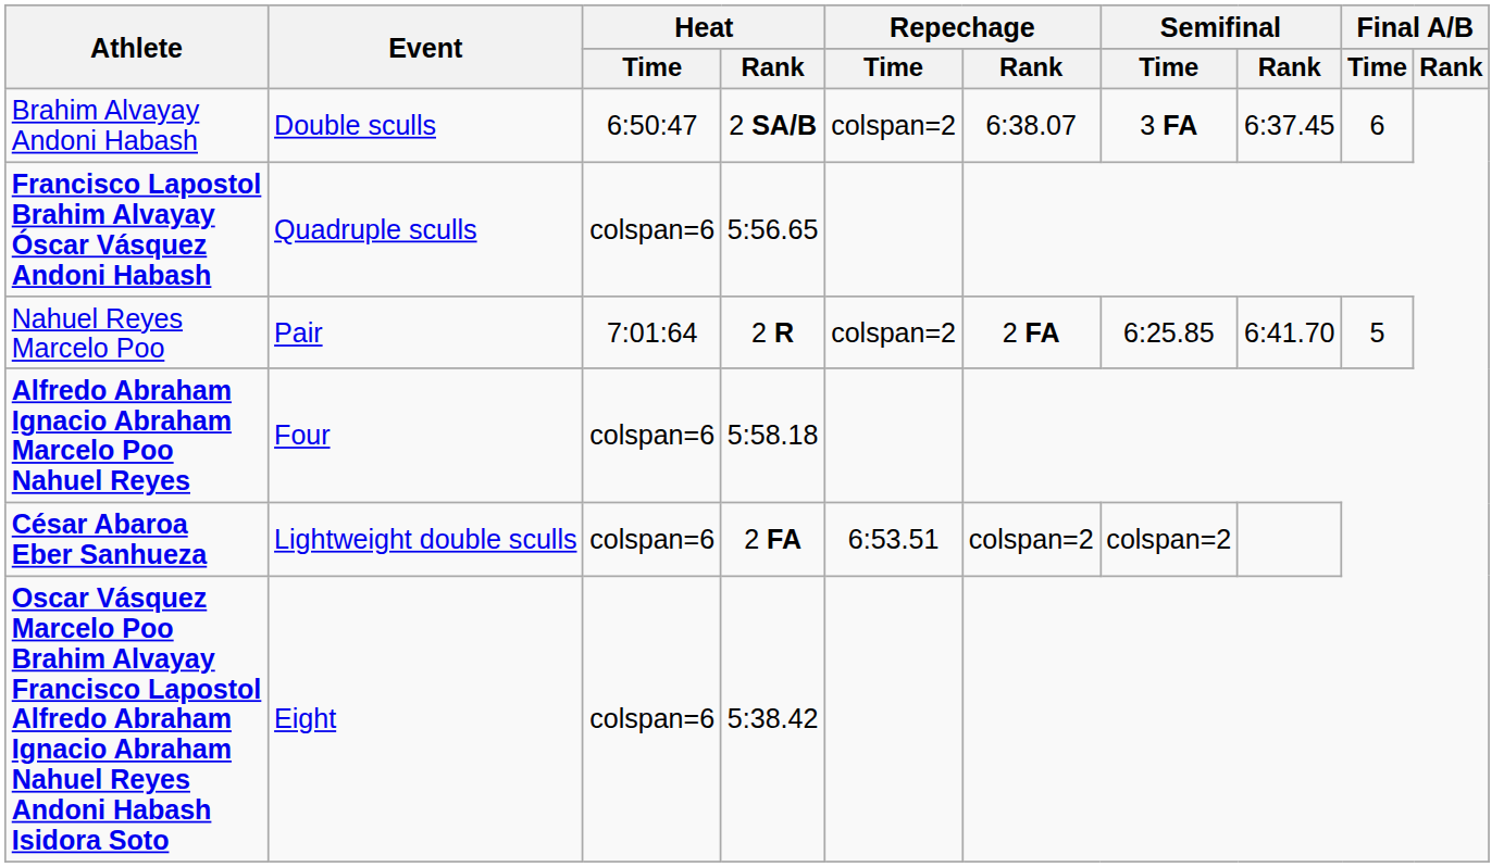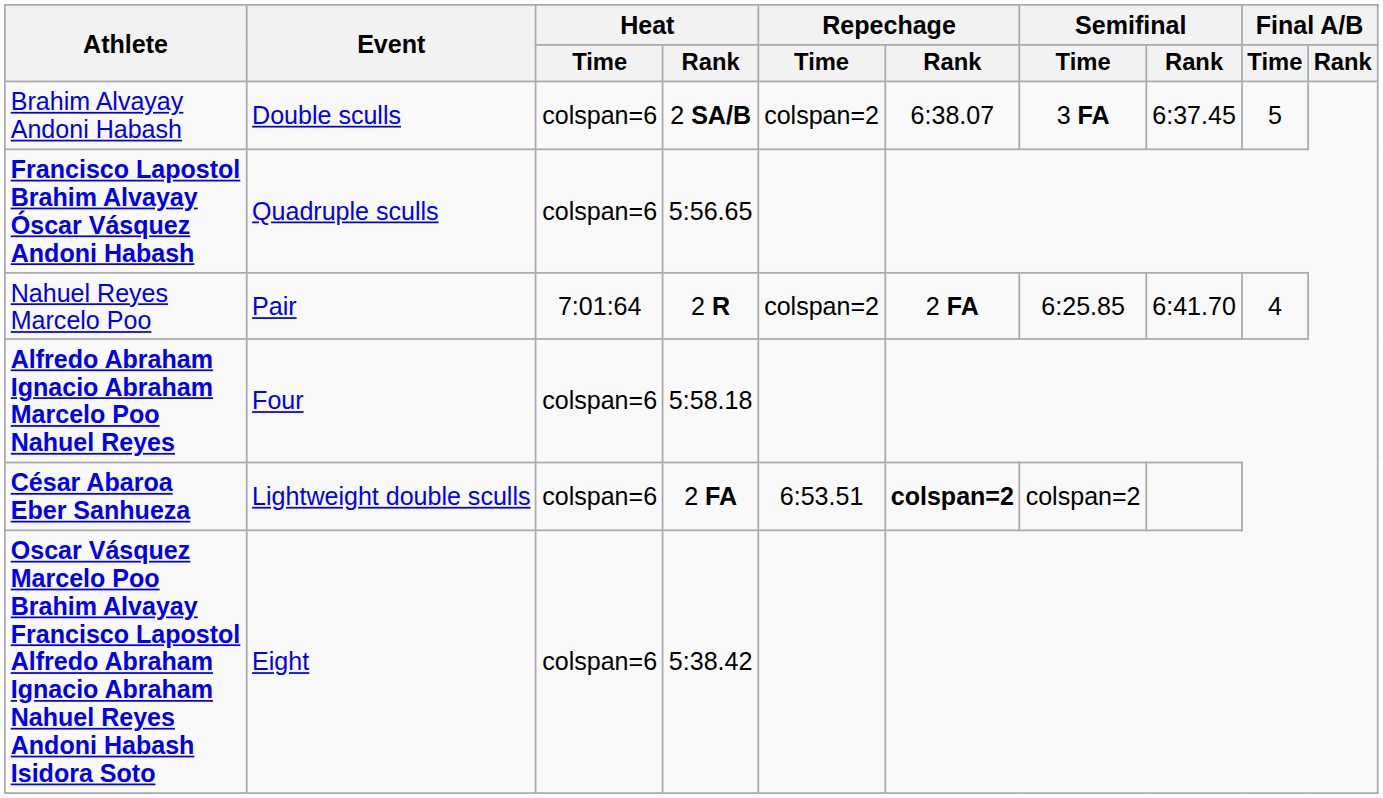 <table class=wikitable style=font-size:90%;text-align:center>
 <tr>
 <th rowspan=2>Athlete</th>
 <th rowspan=2>Event</th>
 <th colspan=2>Heat</th>
 <th colspan=2>Repechage</th>
 <th colspan=2>Semifinal</th>
 <th colspan=2>Final A/B</th>
 </tr>
 <tr style=font-size:95%>
 <th>Time</th>
 <th>Rank</th>
 <th>Time</th>
 <th>Rank</th>
 <th>Time</th>
 <th>Rank</th>
 <th>Time</th>
 <th>Rank</th>
 </tr>
 <tr>
 <td style="text-align:left"><a href='#'>Brahim Alvayay</a><br><a href='#'>Andoni Habash</a></td>
 <td style="text-align:left"><a href='#'>Double sculls</a></td>
-<td>6:50:47</td>
+<td>colspan=6 </td>
 <td>2 <strong>SA/B</strong></td>
 <td>colspan=2 </td>
 <td>6:38.07</td>
 <td>3 <strong>FA</strong></td>
 <td>6:37.45</td>
-<td>6</td>
+<td>5</td>
 </tr>
 <tr>
 <td style="text-align:left"><strong><a href='#'>Francisco Lapostol</a><br><a href='#'>Brahim Alvayay</a><br><a href='#'>Óscar Vásquez</a><br><a href='#'>Andoni Habash</a></strong></td>
 <td style="text-align:left"><a href='#'>Quadruple sculls</a></td>
 <td>colspan=6 </td>
 <td>5:56.65</td>
 <td></td>
 </tr>
 <tr>
 <td style="text-align:left"><a href='#'>Nahuel Reyes</a><br><a href='#'>Marcelo Poo</a></td>
 <td style="text-align:left"><a href='#'>Pair</a></td>
 <td>7:01:64</td>
 <td>2 <strong>R</strong></td>
 <td>colspan=2 </td>
 <td>2 <strong>FA</strong></td>
 <td>6:25.85</td>
 <td>6:41.70</td>
-<td>5</td>
+<td>4</td>
 </tr>
 <tr>
 <td style="text-align:left"><strong><a href='#'>Alfredo Abraham</a><br><a href='#'>Ignacio Abraham</a><br><a href='#'>Marcelo Poo</a><br><a href='#'>Nahuel Reyes</a></strong></td>
 <td style="text-align:left"><a href='#'>Four</a></td>
 <td>colspan=6 </td>
 <td>5:58.18</td>
 <td></td>
 </tr>
 <tr>
 <td style="text-align:left"><strong><a href='#'>César Abaroa</a><br><a href='#'>Eber Sanhueza</a></strong></td>
 <td style="text-align:left"><a href='#'>Lightweight double sculls</a></td>
 <td>colspan=6 </td>
 <td>2 <strong>FA</strong></td>
 <td>6:53.51</td>
-<td>colspan=2 </td>
+<td><strong>colspan=2 </strong></td>
 <td>colspan=2 </td>
 <td></td>
 </tr>
 <tr>
 <td style="text-align:left"><strong><a href='#'>Oscar Vásquez</a><br><a href='#'>Marcelo Poo</a><br><a href='#'>Brahim Alvayay</a><br><a href='#'>Francisco Lapostol</a><br><a href='#'>Alfredo Abraham</a><br><a href='#'>Ignacio Abraham</a><br><a href='#'>Nahuel Reyes</a><br><a href='#'>Andoni Habash</a><br><a href='#'>Isidora Soto</a></strong></td>
 <td style="text-align:left"><a href='#'>Eight</a></td>
 <td>colspan=6 </td>
 <td>5:38.42</td>
 <td></td>
 </tr>
 </table>
